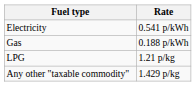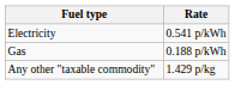 <table class="wikitable" style="display: inline-table">
 <tr>
 <th>Fuel type</th>
 <th>Rate</th>
 </tr>
 <tr>
 <td>Electricity</td>
 <td>0.541 p/kWh</td>
 </tr>
 <tr>
 <td>Gas</td>
 <td>0.188 p/kWh</td>
 </tr>
 <tr>
-<td>LPG</td>
-<td>1.21 p/kg</td>
-</tr>
-<tr>
 <td>Any other "taxable commodity"  </td>
 <td>1.429 p/kg</td>
 </tr>
 </table>
